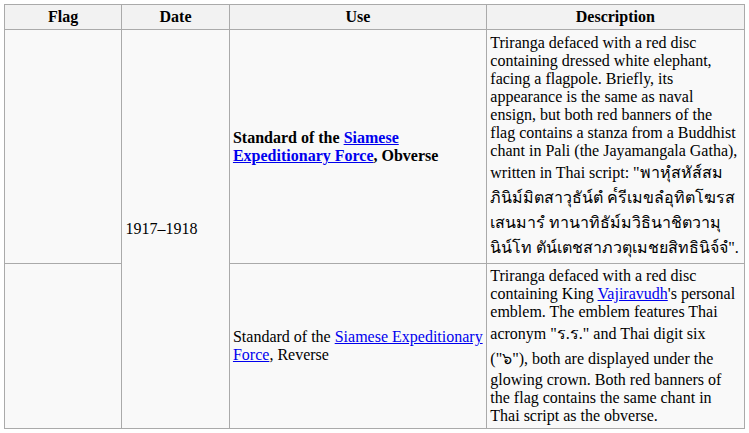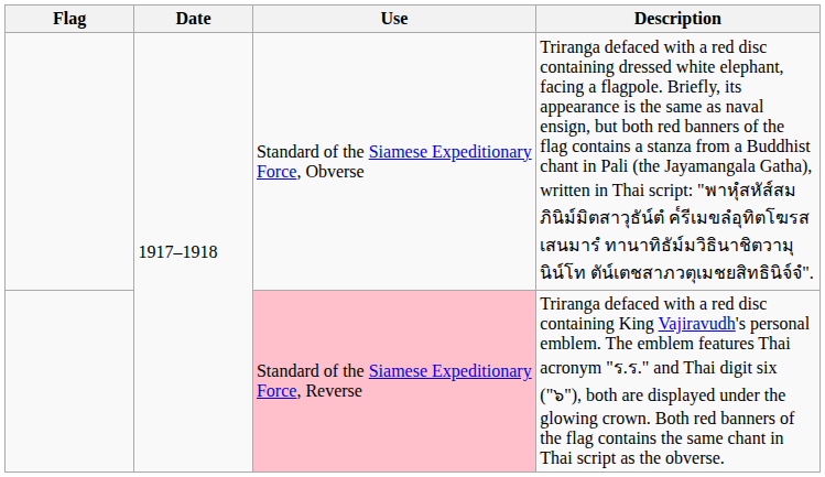 <table class="wikitable">
 <tr>
 <th width="110">Flag</th>
 <th width="100">Date</th>
 <th width="250">Use</th>
 <th width="250">Description</th>
 </tr>
 <tr>
 <td></td>
 <td rowspan="2">1917–1918</td>
-<td><strong>Standard of the <a href='#'>Siamese Expeditionary Force</a>, Obverse</strong></td>
+<td>Standard of the <a href='#'>Siamese Expeditionary Force</a>, Obverse</td>
 <td>Triranga defaced with a red disc containing dressed white elephant, facing a flagpole. Briefly, its appearance is the same as naval ensign, but both red banners of the flag contains a stanza from a Buddhist chant in Pali (the Jayamangala Gatha), written in Thai script: "พาหุํสหัส์สมภินิม์มิตสาวุธัน์ตํ ค๎รีเมขลํอุทิตโฆรสเสนมารํ ทานาทิธัม์มวิธินาชิตวามุนิน์โท ตัน์เตชสาภวตุเมชยสิทธินิจ์จํ".</td>
 </tr>
 <tr>
 <td></td>
-<td>Standard of the <a href='#'>Siamese Expeditionary Force</a>, Reverse</td>
+<td style="background: pink;">Standard of the <a href='#'>Siamese Expeditionary Force</a>, Reverse</td>
 <td>Triranga defaced with a red disc containing King <a href='#'>Vajiravudh</a>'s personal emblem. The emblem features Thai acronym "ร.ร." and Thai digit six ("๖"), both are displayed under the glowing crown. Both red banners of the flag contains the same chant in Thai script as the obverse.</td>
 </tr>
 </table>
